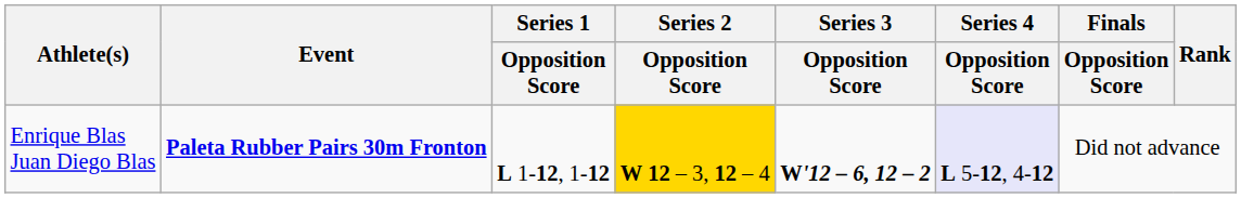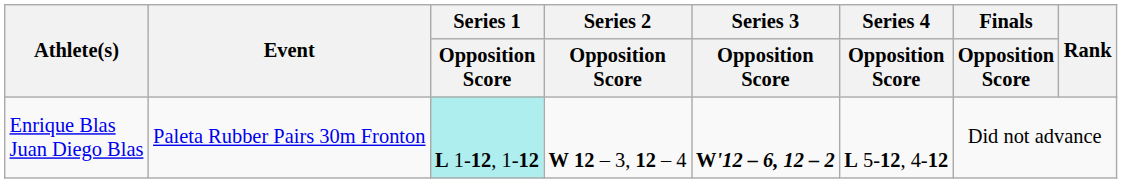 <table class="wikitable" style="font-size:90%">
 <tr>
 <th rowspan="2">Athlete(s)</th>
 <th rowspan="2">Event</th>
 <th>Series 1</th>
 <th>Series 2</th>
 <th>Series 3</th>
 <th>Series 4</th>
 <th>Finals</th>
 <th rowspan="2">Rank</th>
 </tr>
 <tr>
 <th>Opposition <br> Score</th>
 <th>Opposition <br> Score</th>
 <th>Opposition <br> Score</th>
 <th>Opposition <br> Score</th>
 <th>Opposition <br> Score</th>
 </tr>
 <tr>
 <td><a href='#'>Enrique Blas</a><br><a href='#'>Juan Diego Blas</a></td>
-<td><strong><a href='#'>Paleta Rubber Pairs 30m Fronton</a></strong></td>
-<td align=center><br><br><strong>L</strong> 1-<strong>12</strong>, 1-<strong>12</strong></td>
-<td align=center style="background: gold;"><br><br><strong>W</strong> <strong>12</strong> – 3, <strong>12</strong> – 4</td>
+<td><a href='#'>Paleta Rubber Pairs 30m Fronton</a></td>
+<td align=center style="background: paleturquoise;"><br><br><strong>L</strong> 1-<strong>12</strong>, 1-<strong>12</strong></td>
+<td align=center><br><br><strong>W</strong> <strong>12</strong> – 3, <strong>12</strong> – 4</td>
 <td align=center><br><br><strong>W<strong><em>'12</strong> – 6, <strong>12</strong> – 2</td>
-<td align=center style="background: lavender;"><br><br><strong>L</strong> 5-<strong>12</strong>, 4-<strong>12</strong></td>
+<td align=center><br><br><strong>L</strong> 5-<strong>12</strong>, 4-<strong>12</strong></td>
 <td align=center colspan="7">Did not advance</td>
 </tr>
 </table>
